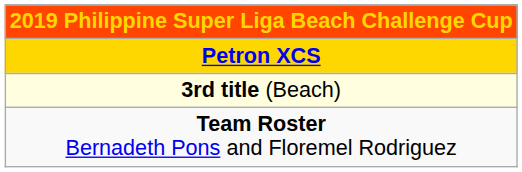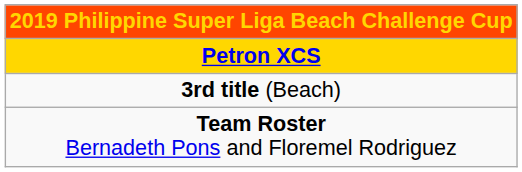 <table class=wikitable style="text-align:center; margin:auto;">
 <tr>
 <th style="background:#FF4500; color:#FFD700;">2019 Philippine Super Liga Beach Challenge Cup</th>
 </tr>
 <tr bgcolor="gold">
 <td><strong><a href='#'>Petron XCS</a></strong></td>
 </tr>
 <tr>
-<td style="background: lightyellow;"><strong>3rd title</strong> (Beach)</td>
+<td><strong>3rd title</strong> (Beach)</td>
 </tr>
 <tr>
 <td><strong>Team Roster</strong><br><a href='#'>Bernadeth Pons</a> and Floremel Rodriguez</td>
 </tr>
 </table>
